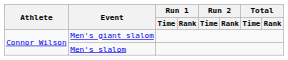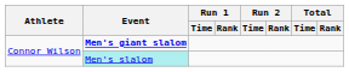 <table class="wikitable" style="font-size:90%">
 <tr>
 <th rowspan=2>Athlete</th>
 <th rowspan=2>Event</th>
 <th colspan=2>Run 1</th>
 <th colspan=2>Run 2</th>
 <th colspan=2>Total</th>
 </tr>
 <tr style="font-size:95%">
 <th>Time</th>
 <th>Rank</th>
 <th>Time</th>
 <th>Rank</th>
 <th>Time</th>
 <th>Rank</th>
 </tr>
 <tr align=center>
 <td align=left rowspan=2><a href='#'>Connor Wilson</a></td>
-<td align=left><a href='#'>Men's giant slalom</a></td>
+<td align=left><strong><a href='#'>Men's giant slalom</a></strong></td>
 <td colspan=6></td>
 </tr>
 <tr align=center>
-<td align=left><a href='#'>Men's slalom</a></td>
+<td align=left style="background: paleturquoise;"><a href='#'>Men's slalom</a></td>
 <td colspan=6></td>
 </tr>
 </table>
